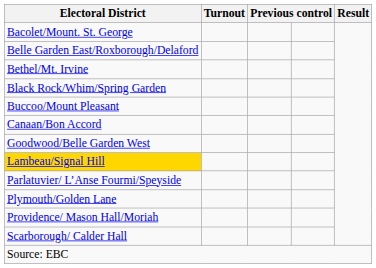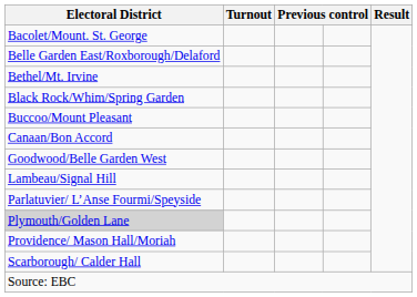 <table class="wikitable sortable" style="valign:top">
 <tr>
 <th>Electoral District</th>
 <th>Turnout</th>
 <th colspan="2">Previous control</th>
 <th colspan="2">Result</th>
 </tr>
 <tr>
 <td><a href='#'>Bacolet/Mount. St. George</a></td>
 <td></td>
 <td></td>
 <td></td>
 </tr>
 <tr>
 <td><a href='#'>Belle Garden East/Roxborough/Delaford</a></td>
 <td></td>
 <td></td>
 <td></td>
 </tr>
 <tr>
 <td><a href='#'>Bethel/Mt. Irvine</a></td>
 <td></td>
 <td></td>
 <td></td>
 </tr>
 <tr>
 <td><a href='#'>Black Rock/Whim/Spring Garden</a></td>
 <td></td>
 <td></td>
 <td></td>
 </tr>
 <tr>
 <td><a href='#'>Buccoo/Mount Pleasant</a></td>
 <td></td>
 <td></td>
 <td></td>
 </tr>
 <tr>
 <td><a href='#'>Canaan/Bon Accord</a></td>
 <td></td>
 <td></td>
 <td></td>
 </tr>
 <tr>
 <td><a href='#'>Goodwood/Belle Garden West</a></td>
 <td></td>
 <td></td>
 <td></td>
 </tr>
 <tr>
-<td style="background: gold;"><a href='#'>Lambeau/Signal Hill</a></td>
+<td><a href='#'>Lambeau/Signal Hill</a></td>
 <td></td>
 <td></td>
 <td></td>
 </tr>
 <tr>
 <td><a href='#'>Parlatuvier/ L’Anse Fourmi/Speyside</a></td>
 <td></td>
 <td></td>
 <td></td>
 </tr>
 <tr>
-<td><a href='#'>Plymouth/Golden Lane</a></td>
+<td style="background: lightgrey;"><a href='#'>Plymouth/Golden Lane</a></td>
 <td></td>
 <td></td>
 <td></td>
 </tr>
 <tr>
 <td><a href='#'>Providence/ Mason Hall/Moriah</a></td>
 <td></td>
 <td></td>
 <td></td>
 </tr>
 <tr>
 <td><a href='#'>Scarborough/ Calder Hall</a></td>
 <td></td>
 <td></td>
 <td></td>
 </tr>
 <tr>
 <td colspan="6" align="left">Source: EBC</td>
 </tr>
 </table>
